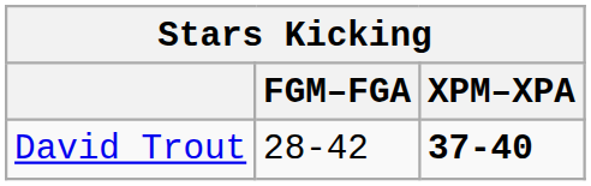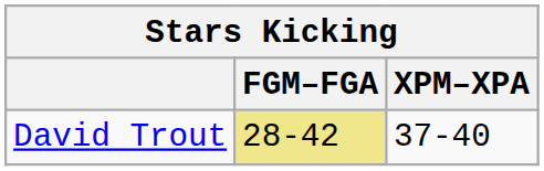 <table class="wikitable">
 <tr>
 <th colspan="8">Stars Kicking</th>
 </tr>
 <tr>
 <th></th>
 <th>FGM–FGA</th>
 <th>XPM–XPA</th>
 </tr>
 <tr>
 <td><a href='#'>David Trout</a></td>
-<td>28-42</td>
-<td><strong>37-40</strong></td>
+<td style="background: khaki;">28-42</td>
+<td>37-40</td>
 </tr>
 </table>
